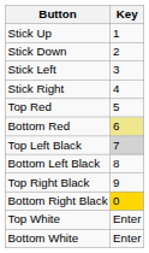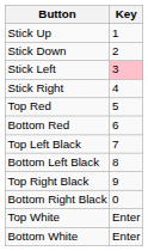 <table class="wikitable">
 <tr>
 <th>Button</th>
 <th>Key</th>
 </tr>
 <tr>
 <td>Stick Up</td>
 <td>1</td>
 </tr>
 <tr>
 <td>Stick Down</td>
 <td>2</td>
 </tr>
 <tr>
 <td>Stick Left</td>
-<td>3</td>
+<td style="background: pink;">3</td>
 </tr>
 <tr>
 <td>Stick Right</td>
 <td>4</td>
 </tr>
 <tr>
 <td>Top Red</td>
 <td>5</td>
 </tr>
 <tr>
 <td>Bottom Red</td>
-<td style="background: khaki;">6</td>
+<td>6</td>
 </tr>
 <tr>
 <td>Top Left Black</td>
-<td style="background: lightgrey;">7</td>
+<td>7</td>
 </tr>
 <tr>
 <td>Bottom Left Black</td>
 <td>8</td>
 </tr>
 <tr>
 <td>Top Right Black</td>
 <td>9</td>
 </tr>
 <tr>
 <td>Bottom Right Black</td>
-<td style="background: gold;">0</td>
+<td>0</td>
 </tr>
 <tr>
 <td>Top White</td>
 <td>Enter</td>
 </tr>
 <tr>
 <td>Bottom White</td>
 <td>Enter</td>
 </tr>
 </table>
